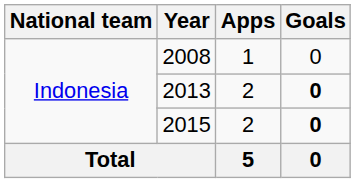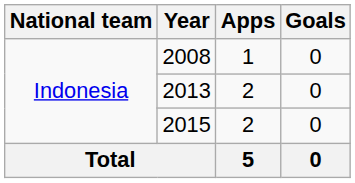 <table class=wikitable style=text-align:center>
 <tr>
 <th>National team</th>
 <th>Year</th>
 <th>Apps</th>
 <th>Goals</th>
 </tr>
 <tr>
 <td rowspan="3"><a href='#'>Indonesia</a></td>
 <td>2008</td>
 <td>1</td>
 <td>0</td>
 </tr>
 <tr>
 <td>2013</td>
 <td>2</td>
-<td><strong>0</strong></td>
+<td>0</td>
 </tr>
 <tr>
 <td>2015</td>
 <td>2</td>
-<td><strong>0</strong></td>
+<td>0</td>
 </tr>
 <tr>
 <th colspan=2>Total</th>
 <th>5</th>
 <th>0</th>
 </tr>
 </table>
